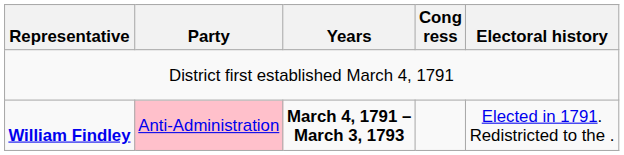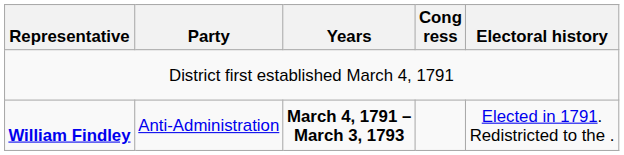 <table class=wikitable style="text-align:center">
 <tr valign=bottom>
 <th>Representative</th>
 <th>Party</th>
 <th>Years</th>
 <th>Cong<br>ress</th>
 <th>Electoral history</th>
 </tr>
 <tr style="height:3em">
 <td colspan=5>District first established March 4, 1791</td>
 </tr>
 <tr style="height:3em">
 <td align=left><br><strong><a href='#'>William Findley</a></strong><br></td>
-<td style="background: pink;"><a href='#'>Anti-Administration</a></td>
+<td><a href='#'>Anti-Administration</a></td>
 <td nowrap><strong>March 4, 1791 –<br>March 3, 1793</strong></td>
 <td></td>
 <td><a href='#'>Elected in 1791</a>.<br>Redistricted to the .</td>
 </tr>
 </table>
